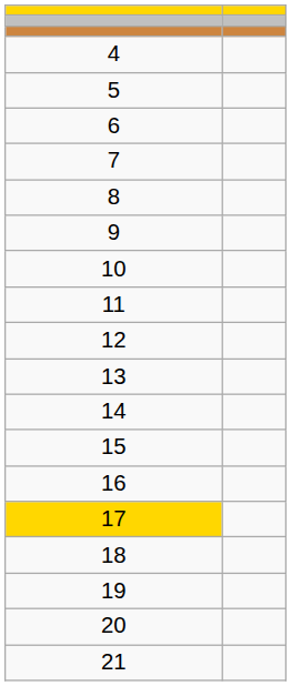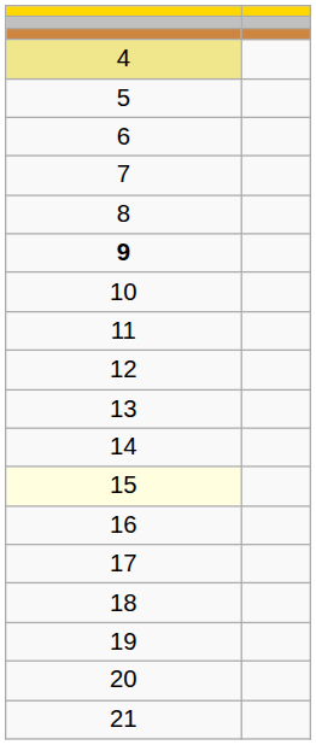 <table class="wikitable" style="width:200px;">
 <tr style="background:gold;">
 <td align=center></td>
 <td></td>
 </tr>
 <tr style="background:silver;">
 <td align=center></td>
 <td></td>
 </tr>
 <tr style="background:peru;">
 <td align=center></td>
 <td></td>
 </tr>
 <tr>
-<td align=center>4</td>
+<td align=center style="background: khaki;">4</td>
 <td></td>
 </tr>
 <tr>
 <td align=center>5</td>
 <td></td>
 </tr>
 <tr>
 <td align=center>6</td>
 <td></td>
 </tr>
 <tr>
 <td align=center>7</td>
 <td></td>
 </tr>
 <tr>
 <td align=center>8</td>
 <td></td>
 </tr>
 <tr>
-<td align=center>9</td>
+<td align=center><strong>9</strong></td>
 <td></td>
 </tr>
 <tr>
 <td align=center>10</td>
 <td></td>
 </tr>
 <tr>
 <td align=center>11</td>
 <td></td>
 </tr>
 <tr>
 <td align=center>12</td>
 <td></td>
 </tr>
 <tr>
 <td align=center>13</td>
 <td></td>
 </tr>
 <tr>
 <td align=center>14</td>
 <td></td>
 </tr>
 <tr>
-<td align=center>15</td>
+<td align=center style="background: lightyellow;">15</td>
 <td></td>
 </tr>
 <tr>
 <td align=center>16</td>
 <td></td>
 </tr>
 <tr>
-<td align=center style="background: gold;">17</td>
+<td align=center>17</td>
 <td></td>
 </tr>
 <tr>
 <td align=center>18</td>
 <td></td>
 </tr>
 <tr>
 <td align=center>19</td>
 <td></td>
 </tr>
 <tr>
 <td align=center>20</td>
 <td></td>
 </tr>
 <tr>
 <td align=center>21</td>
 <td></td>
 </tr>
 </table>
